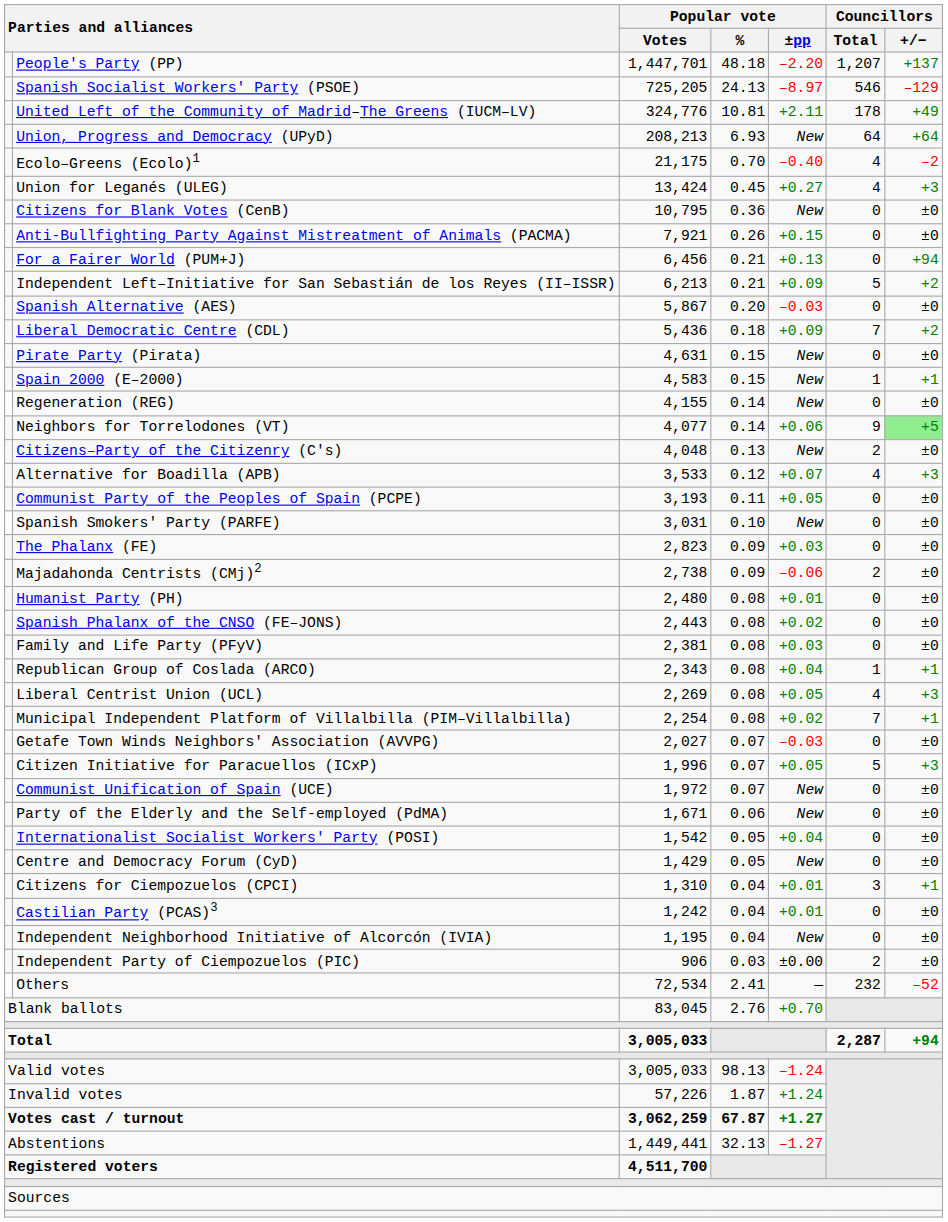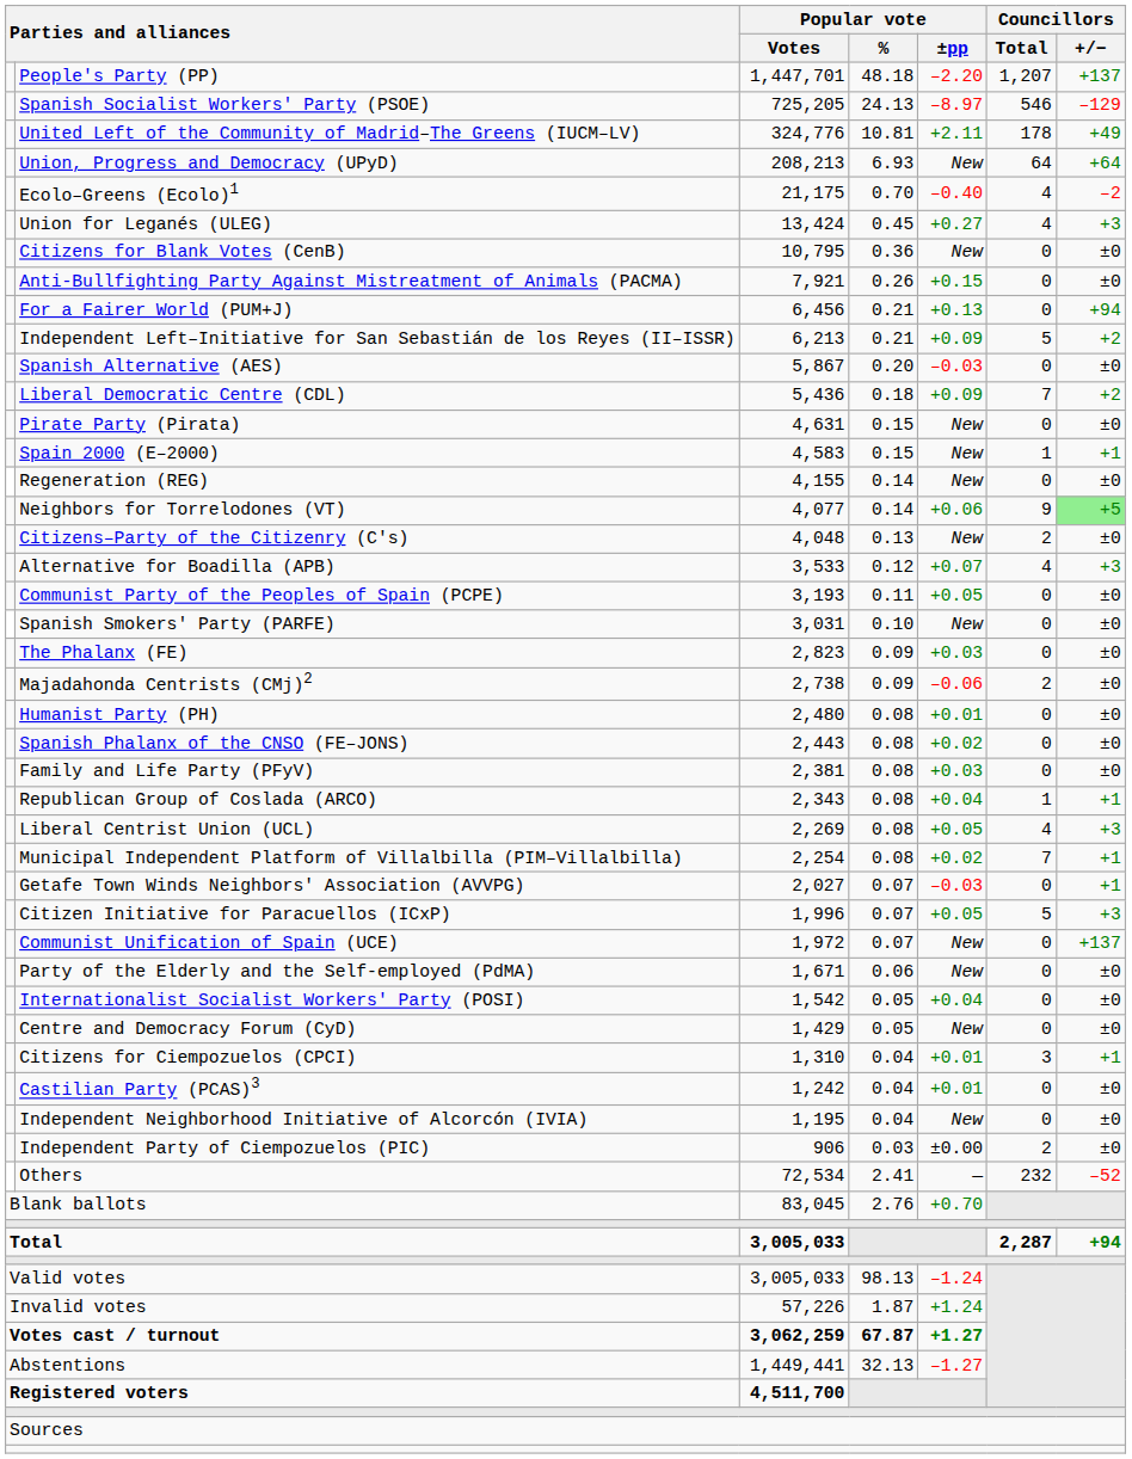 <table class="wikitable" style="text-align:right;">
 <tr>
 <th style="text-align:left;" rowspan="2" colspan="2" width="525">Parties and alliances</th>
 <th colspan="3">Popular vote</th>
 <th colspan="2">Councillors</th>
 </tr>
 <tr>
 <th width="75">Votes</th>
 <th width="45">%</th>
 <th width="45">±<a href='#'>pp</a></th>
 <th width="45">Total</th>
 <th width="45">+/−</th>
 </tr>
 <tr>
 <td width="1" style="color:inherit;background:"></td>
 <td align="left"><a href='#'>People's Party</a> (PP)</td>
 <td>1,447,701</td>
 <td>48.18</td>
 <td style="color:red;">–2.20</td>
 <td>1,207</td>
 <td style="color:green;">+137</td>
 </tr>
 <tr>
 <td style="color:inherit;background:"></td>
 <td align="left"><a href='#'>Spanish Socialist Workers' Party</a> (PSOE)</td>
 <td>725,205</td>
 <td>24.13</td>
 <td style="color:red;">–8.97</td>
 <td>546</td>
 <td style="color:red;">–129</td>
 </tr>
 <tr>
 <td style="color:inherit;background:"></td>
 <td align="left"><a href='#'>United Left of the Community of Madrid</a>–<a href='#'>The Greens</a> (IUCM–LV)</td>
 <td>324,776</td>
 <td>10.81</td>
 <td style="color:green;">+2.11</td>
 <td>178</td>
 <td style="color:green;">+49</td>
 </tr>
 <tr>
 <td style="color:inherit;background:"></td>
 <td align="left"><a href='#'>Union, Progress and Democracy</a> (UPyD)</td>
 <td>208,213</td>
 <td>6.93</td>
 <td><em>New</em></td>
 <td>64</td>
 <td style="color:green;">+64</td>
 </tr>
 <tr>
 <td style="color:inherit;background:"></td>
 <td align="left">Ecolo–Greens (Ecolo)<sup>1</sup></td>
 <td>21,175</td>
 <td>0.70</td>
 <td style="color:red;">–0.40</td>
 <td>4</td>
 <td style="color:red;">–2</td>
 </tr>
 <tr>
 <td style="color:inherit;background:"></td>
 <td align="left">Union for Leganés (ULEG)</td>
 <td>13,424</td>
 <td>0.45</td>
 <td style="color:green;">+0.27</td>
 <td>4</td>
 <td style="color:green;">+3</td>
 </tr>
 <tr>
 <td style="color:inherit;background:"></td>
 <td align="left"><a href='#'>Citizens for Blank Votes</a> (CenB)</td>
 <td>10,795</td>
 <td>0.36</td>
 <td><em>New</em></td>
 <td>0</td>
 <td>±0</td>
 </tr>
 <tr>
 <td style="color:inherit;background:"></td>
 <td align="left"><a href='#'>Anti-Bullfighting Party Against Mistreatment of Animals</a> (PACMA)</td>
 <td>7,921</td>
 <td>0.26</td>
 <td style="color:green;">+0.15</td>
 <td>0</td>
 <td>±0</td>
 </tr>
 <tr>
 <td style="color:inherit;background:"></td>
 <td align="left"><a href='#'>For a Fairer World</a> (PUM+J)</td>
 <td>6,456</td>
 <td>0.21</td>
 <td style="color:green;">+0.13</td>
 <td>0</td>
 <td style="color:green;">+94</td>
 </tr>
 <tr>
 <td style="color:inherit;background:"></td>
 <td align="left">Independent Left–Initiative for San Sebastián de los Reyes (II–ISSR)</td>
 <td>6,213</td>
 <td>0.21</td>
 <td style="color:green;">+0.09</td>
 <td>5</td>
 <td style="color:green;">+2</td>
 </tr>
 <tr>
 <td style="color:inherit;background:"></td>
 <td align="left"><a href='#'>Spanish Alternative</a> (AES)</td>
 <td>5,867</td>
 <td>0.20</td>
 <td style="color:red;">–0.03</td>
 <td>0</td>
 <td>±0</td>
 </tr>
 <tr>
 <td style="color:inherit;background:"></td>
 <td align="left"><a href='#'>Liberal Democratic Centre</a> (CDL)</td>
 <td>5,436</td>
 <td>0.18</td>
 <td style="color:green;">+0.09</td>
 <td>7</td>
 <td style="color:green;">+2</td>
 </tr>
 <tr>
 <td style="color:inherit;background:"></td>
 <td align="left"><a href='#'>Pirate Party</a> (Pirata)</td>
 <td>4,631</td>
 <td>0.15</td>
 <td><em>New</em></td>
 <td>0</td>
 <td>±0</td>
 </tr>
 <tr>
 <td style="color:inherit;background:"></td>
 <td align="left"><a href='#'>Spain 2000</a> (E–2000)</td>
 <td>4,583</td>
 <td>0.15</td>
 <td><em>New</em></td>
 <td>1</td>
 <td style="color:green;">+1</td>
 </tr>
 <tr>
 <td bgcolor="white"></td>
 <td align="left">Regeneration (REG)</td>
 <td>4,155</td>
 <td>0.14</td>
 <td><em>New</em></td>
 <td>0</td>
 <td>±0</td>
 </tr>
 <tr>
 <td style="color:inherit;background:"></td>
 <td align="left">Neighbors for Torrelodones (VT)</td>
 <td>4,077</td>
 <td>0.14</td>
 <td style="color:green;">+0.06</td>
 <td>9</td>
 <td style="background: lightgreen; color:green;">+5</td>
 </tr>
 <tr>
 <td style="color:inherit;background:"></td>
 <td align="left"><a href='#'>Citizens–Party of the Citizenry</a> (C's)</td>
 <td>4,048</td>
 <td>0.13</td>
 <td><em>New</em></td>
 <td>2</td>
 <td>±0</td>
 </tr>
 <tr>
 <td style="color:inherit;background:"></td>
 <td align="left">Alternative for Boadilla (APB)</td>
 <td>3,533</td>
 <td>0.12</td>
 <td style="color:green;">+0.07</td>
 <td>4</td>
 <td style="color:green;">+3</td>
 </tr>
 <tr>
 <td style="color:inherit;background:"></td>
 <td align="left"><a href='#'>Communist Party of the Peoples of Spain</a> (PCPE)</td>
 <td>3,193</td>
 <td>0.11</td>
 <td style="color:green;">+0.05</td>
 <td>0</td>
 <td>±0</td>
 </tr>
 <tr>
 <td bgcolor="white"></td>
 <td align="left">Spanish Smokers' Party (PARFE)</td>
 <td>3,031</td>
 <td>0.10</td>
 <td><em>New</em></td>
 <td>0</td>
 <td>±0</td>
 </tr>
 <tr>
 <td style="color:inherit;background:"></td>
 <td align="left"><a href='#'>The Phalanx</a> (FE)</td>
 <td>2,823</td>
 <td>0.09</td>
 <td style="color:green;">+0.03</td>
 <td>0</td>
 <td>±0</td>
 </tr>
 <tr>
 <td style="color:inherit;background:"></td>
 <td align="left">Majadahonda Centrists (CMj)<sup>2</sup></td>
 <td>2,738</td>
 <td>0.09</td>
 <td style="color:red;">–0.06</td>
 <td>2</td>
 <td>±0</td>
 </tr>
 <tr>
 <td style="color:inherit;background:"></td>
 <td align="left"><a href='#'>Humanist Party</a> (PH)</td>
 <td>2,480</td>
 <td>0.08</td>
 <td style="color:green;">+0.01</td>
 <td>0</td>
 <td>±0</td>
 </tr>
 <tr>
 <td style="color:inherit;background:"></td>
 <td align="left"><a href='#'>Spanish Phalanx of the CNSO</a> (FE–JONS)</td>
 <td>2,443</td>
 <td>0.08</td>
 <td style="color:green;">+0.02</td>
 <td>0</td>
 <td>±0</td>
 </tr>
 <tr>
 <td style="color:inherit;background:"></td>
 <td align="left">Family and Life Party (PFyV)</td>
 <td>2,381</td>
 <td>0.08</td>
 <td style="color:green;">+0.03</td>
 <td>0</td>
 <td>±0</td>
 </tr>
 <tr>
 <td style="color:inherit;background:"></td>
 <td align="left">Republican Group of Coslada (ARCO)</td>
 <td>2,343</td>
 <td>0.08</td>
 <td style="color:green;">+0.04</td>
 <td>1</td>
 <td style="color:green;">+1</td>
 </tr>
 <tr>
 <td style="color:inherit;background:"></td>
 <td align="left">Liberal Centrist Union (UCL)</td>
 <td>2,269</td>
 <td>0.08</td>
 <td style="color:green;">+0.05</td>
 <td>4</td>
 <td style="color:green;">+3</td>
 </tr>
 <tr>
 <td style="color:inherit;background:"></td>
 <td align="left">Municipal Independent Platform of Villalbilla (PIM–Villalbilla)</td>
 <td>2,254</td>
 <td>0.08</td>
 <td style="color:green;">+0.02</td>
 <td>7</td>
 <td style="color:green;">+1</td>
 </tr>
 <tr>
 <td style="color:inherit;background:"></td>
 <td align="left">Getafe Town Winds Neighbors' Association (AVVPG)</td>
 <td>2,027</td>
 <td>0.07</td>
 <td style="color:red;">–0.03</td>
 <td>0</td>
-<td>±0</td>
+<td style="color:green;">+1</td>
 </tr>
 <tr>
 <td style="color:inherit;background:"></td>
 <td align="left">Citizen Initiative for Paracuellos (ICxP)</td>
 <td>1,996</td>
 <td>0.07</td>
 <td style="color:green;">+0.05</td>
 <td>5</td>
 <td style="color:green;">+3</td>
 </tr>
 <tr>
 <td style="color:inherit;background:"></td>
 <td align="left"><a href='#'>Communist Unification of Spain</a> (UCE)</td>
 <td>1,972</td>
 <td>0.07</td>
 <td><em>New</em></td>
 <td>0</td>
-<td>±0</td>
+<td style="color:green;">+137</td>
 </tr>
 <tr>
 <td style="color:inherit;background:"></td>
 <td align="left">Party of the Elderly and the Self-employed (PdMA)</td>
 <td>1,671</td>
 <td>0.06</td>
 <td><em>New</em></td>
 <td>0</td>
 <td>±0</td>
 </tr>
 <tr>
 <td style="color:inherit;background:"></td>
 <td align="left"><a href='#'>Internationalist Socialist Workers' Party</a> (POSI)</td>
 <td>1,542</td>
 <td>0.05</td>
 <td style="color:green;">+0.04</td>
 <td>0</td>
 <td>±0</td>
 </tr>
 <tr>
 <td style="color:inherit;background:"></td>
 <td align="left">Centre and Democracy Forum (CyD)</td>
 <td>1,429</td>
 <td>0.05</td>
 <td><em>New</em></td>
 <td>0</td>
 <td>±0</td>
 </tr>
 <tr>
 <td style="color:inherit;background:"></td>
 <td align="left">Citizens for Ciempozuelos (CPCI)</td>
 <td>1,310</td>
 <td>0.04</td>
 <td style="color:green;">+0.01</td>
 <td>3</td>
 <td style="color:green;">+1</td>
 </tr>
 <tr>
 <td style="color:inherit;background:"></td>
 <td align="left"><a href='#'>Castilian Party</a> (PCAS)<sup>3</sup></td>
 <td>1,242</td>
 <td>0.04</td>
 <td style="color:green;">+0.01</td>
 <td>0</td>
 <td>±0</td>
 </tr>
 <tr>
 <td style="color:inherit;background:"></td>
 <td align="left">Independent Neighborhood Initiative of Alcorcón (IVIA)</td>
 <td>1,195</td>
 <td>0.04</td>
 <td><em>New</em></td>
 <td>0</td>
 <td>±0</td>
 </tr>
 <tr>
 <td style="color:inherit;background:"></td>
 <td align="left">Independent Party of Ciempozuelos (PIC)</td>
 <td>906</td>
 <td>0.03</td>
 <td>±0.00</td>
 <td>2</td>
 <td>±0</td>
 </tr>
 <tr>
 <td bgcolor="white"></td>
 <td align="left">Others</td>
 <td>72,534</td>
 <td>2.41</td>
 <td>—</td>
 <td>232</td>
 <td style="color:red;">–52</td>
 </tr>
 <tr>
 <td align="left" colspan="2">Blank ballots</td>
 <td>83,045</td>
 <td>2.76</td>
 <td style="color:green;">+0.70</td>
 <td bgcolor="#E9E9E9" colspan="2"></td>
 </tr>
 <tr>
 <td colspan="7" bgcolor="#E9E9E9"></td>
 </tr>
 <tr style="font-weight:bold;">
 <td align="left" colspan="2">Total</td>
 <td>3,005,033</td>
 <td bgcolor="#E9E9E9" colspan="2"></td>
 <td>2,287</td>
 <td style="color:green;">+94</td>
 </tr>
 <tr>
 <td colspan="7" bgcolor="#E9E9E9"></td>
 </tr>
 <tr>
 <td align="left" colspan="2">Valid votes</td>
 <td>3,005,033</td>
 <td>98.13</td>
 <td style="color:red;">–1.24</td>
 <td bgcolor="#E9E9E9" colspan="2" rowspan="5"></td>
 </tr>
 <tr>
 <td align="left" colspan="2">Invalid votes</td>
 <td>57,226</td>
 <td>1.87</td>
 <td style="color:green;">+1.24</td>
 </tr>
 <tr style="font-weight:bold;">
 <td align="left" colspan="2">Votes cast / turnout</td>
 <td>3,062,259</td>
 <td>67.87</td>
 <td style="color:green;">+1.27</td>
 </tr>
 <tr>
 <td align="left" colspan="2">Abstentions</td>
 <td>1,449,441</td>
 <td>32.13</td>
 <td style="color:red;">–1.27</td>
 </tr>
 <tr style="font-weight:bold;">
 <td align="left" colspan="2">Registered voters</td>
 <td>4,511,700</td>
 <td bgcolor="#E9E9E9" colspan="2"></td>
 </tr>
 <tr>
 <td colspan="7" bgcolor="#E9E9E9"></td>
 </tr>
 <tr>
 <td align="left" colspan="7">Sources</td>
 </tr>
 <tr>
 <td colspan="7" style="text-align:left; max-width:790px;"></td>
 </tr>
 </table>
